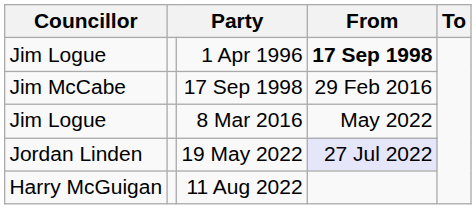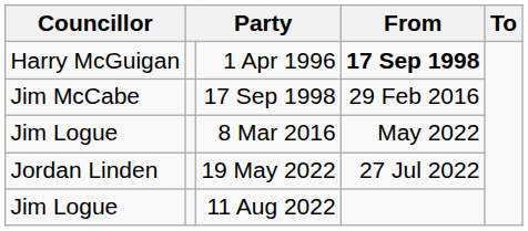 <table class=wikitable>
 <tr>
 <th>Councillor</th>
 <th colspan=2>Party</th>
 <th>From</th>
 <th>To</th>
 </tr>
 <tr>
-<td>Jim Logue</td>
+<td>Harry McGuigan</td>
 <td></td>
 <td align=right>1 Apr 1996</td>
 <td align=right><strong>17 Sep 1998</strong></td>
 </tr>
 <tr>
 <td>Jim McCabe</td>
 <td></td>
 <td align=right>17 Sep 1998</td>
 <td align=right>29 Feb 2016</td>
 </tr>
 <tr>
 <td>Jim Logue</td>
 <td></td>
 <td align=right>8 Mar 2016</td>
 <td align=right>May 2022</td>
 </tr>
 <tr>
 <td>Jordan Linden</td>
 <td></td>
 <td align=right>19 May 2022</td>
-<td align=right style="background: lavender;">27 Jul 2022</td>
+<td align=right>27 Jul 2022</td>
 </tr>
 <tr>
-<td>Harry McGuigan</td>
+<td>Jim Logue</td>
 <td></td>
 <td align=right>11 Aug 2022</td>
 <td align=right></td>
 </tr>
 </table>
